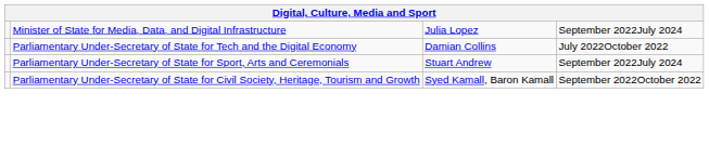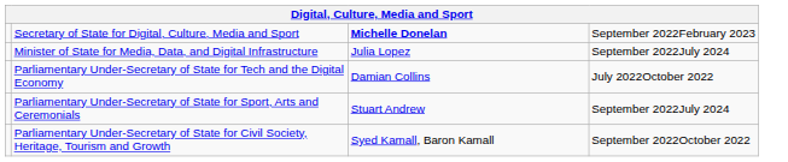 <table class="wikitable">
 <tr>
 <th colspan="4"><a href='#'>Digital, Culture, Media and Sport</a></th>
+</tr>
+<tr>
+<td rowspan=1 style="width: 1px; background: "></td>
+<td rowspan=1 style="width: 450px;"><a href='#'>Secretary of State for Digital, Culture, Media and Sport</a></td>
+<td style="width: 320px;"><strong><a href='#'>Michelle Donelan</a></strong></td>
+<td>September 2022February 2023</td>
 </tr>
 <tr>
 <td rowspan="1" style="width: 1px; background: "></td>
 <td rowspan="1"><a href='#'>Minister of State for Media, Data, and Digital Infrastructure</a></td>
 <td><a href='#'>Julia Lopez</a></td>
 <td>September 2022July 2024</td>
 </tr>
 <tr>
 <td rowspan="1" style="width: 1px; background: "></td>
 <td rowspan="1"><a href='#'>Parliamentary Under-Secretary of State for Tech and the Digital Economy</a></td>
 <td><a href='#'>Damian Collins</a></td>
 <td>July 2022October 2022</td>
 </tr>
 <tr>
 <td rowspan="1" style="width: 1px; background: "></td>
 <td rowspan="1"><a href='#'>Parliamentary Under-Secretary of State for Sport, Arts and Ceremonials</a></td>
 <td><a href='#'>Stuart Andrew</a></td>
 <td>September 2022July 2024</td>
 </tr>
 <tr>
 <td rowspan="1" style="width: 1px; background: "></td>
 <td rowspan="1"><a href='#'>Parliamentary Under-Secretary of State for Civil Society, Heritage, Tourism and Growth</a></td>
 <td><a href='#'>Syed Kamall</a>, Baron Kamall</td>
 <td>September 2022October 2022</td>
 </tr>
 </table>
